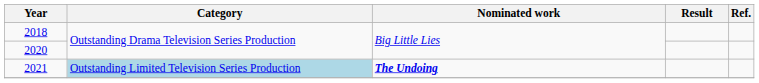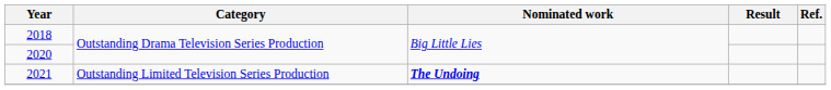 <table class=wikitable>
 <tr>
 <th scope="col" style="width:5em;">Year</th>
 <th scope="col" style="width:26em;">Category</th>
 <th scope="col" style="width:25em;">Nominated work</th>
 <th scope="col" style="width:5em;">Result</th>
 <th>Ref.</th>
 </tr>
 <tr>
 <td style="text-align:center;", style="text-align:center;"><a href='#'>2018</a></td>
 <td rowspan=2><a href='#'>Outstanding Drama Television Series Production</a></td>
 <td rowspan=2><em><a href='#'>Big Little Lies</a></em></td>
 <td></td>
 <td style="text-align:center;"></td>
 </tr>
 <tr>
 <td style="text-align:center;"><a href='#'>2020</a></td>
 <td></td>
 <td style="text-align:center;"></td>
 </tr>
 <tr>
 <td style="text-align:center;"><a href='#'>2021</a></td>
-<td rowspan=1 style="background: lightblue;"><a href='#'>Outstanding Limited Television Series Production</a></td>
+<td rowspan=1><a href='#'>Outstanding Limited Television Series Production</a></td>
 <td rowspan=1><strong><em><a href='#'>The Undoing</a></em></strong></td>
 <td></td>
 <td style="text-align:center;"></td>
 </tr>
 <tr>
 </tr>
 </table>
